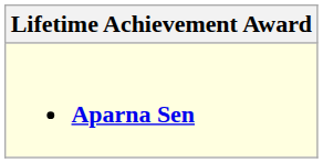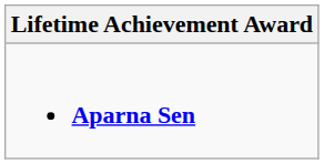 <table class="wikitable">
 <tr>
 <th colspan="2">Lifetime Achievement Award</th>
 </tr>
 <tr>
-<td style="background: lightyellow;"><br><ul><li><strong><a href='#'>Aparna Sen</a></strong></li></ul></td>
+<td><br><ul><li><strong><a href='#'>Aparna Sen</a></strong></li></ul></td>
 </tr>
 </table>
